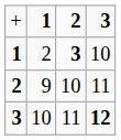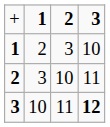 <table class="wikitable" style="float:right; text-align:right">
 <tr>
 <td>+</td>
 <td><strong>1</strong></td>
 <td><strong>2</strong></td>
 <td><strong>3</strong></td>
 </tr>
 <tr>
 <td><strong>1</strong></td>
 <td>2</td>
-<td><strong>3</strong></td>
+<td>3</td>
 <td>10</td>
 </tr>
 <tr>
 <td><strong>2</strong></td>
-<td>9</td>
+<td>3</td>
 <td>10</td>
 <td>11</td>
 </tr>
 <tr>
 <td><strong>3</strong></td>
 <td>10</td>
 <td>11</td>
 <td><strong>12</strong></td>
 </tr>
 </table>
